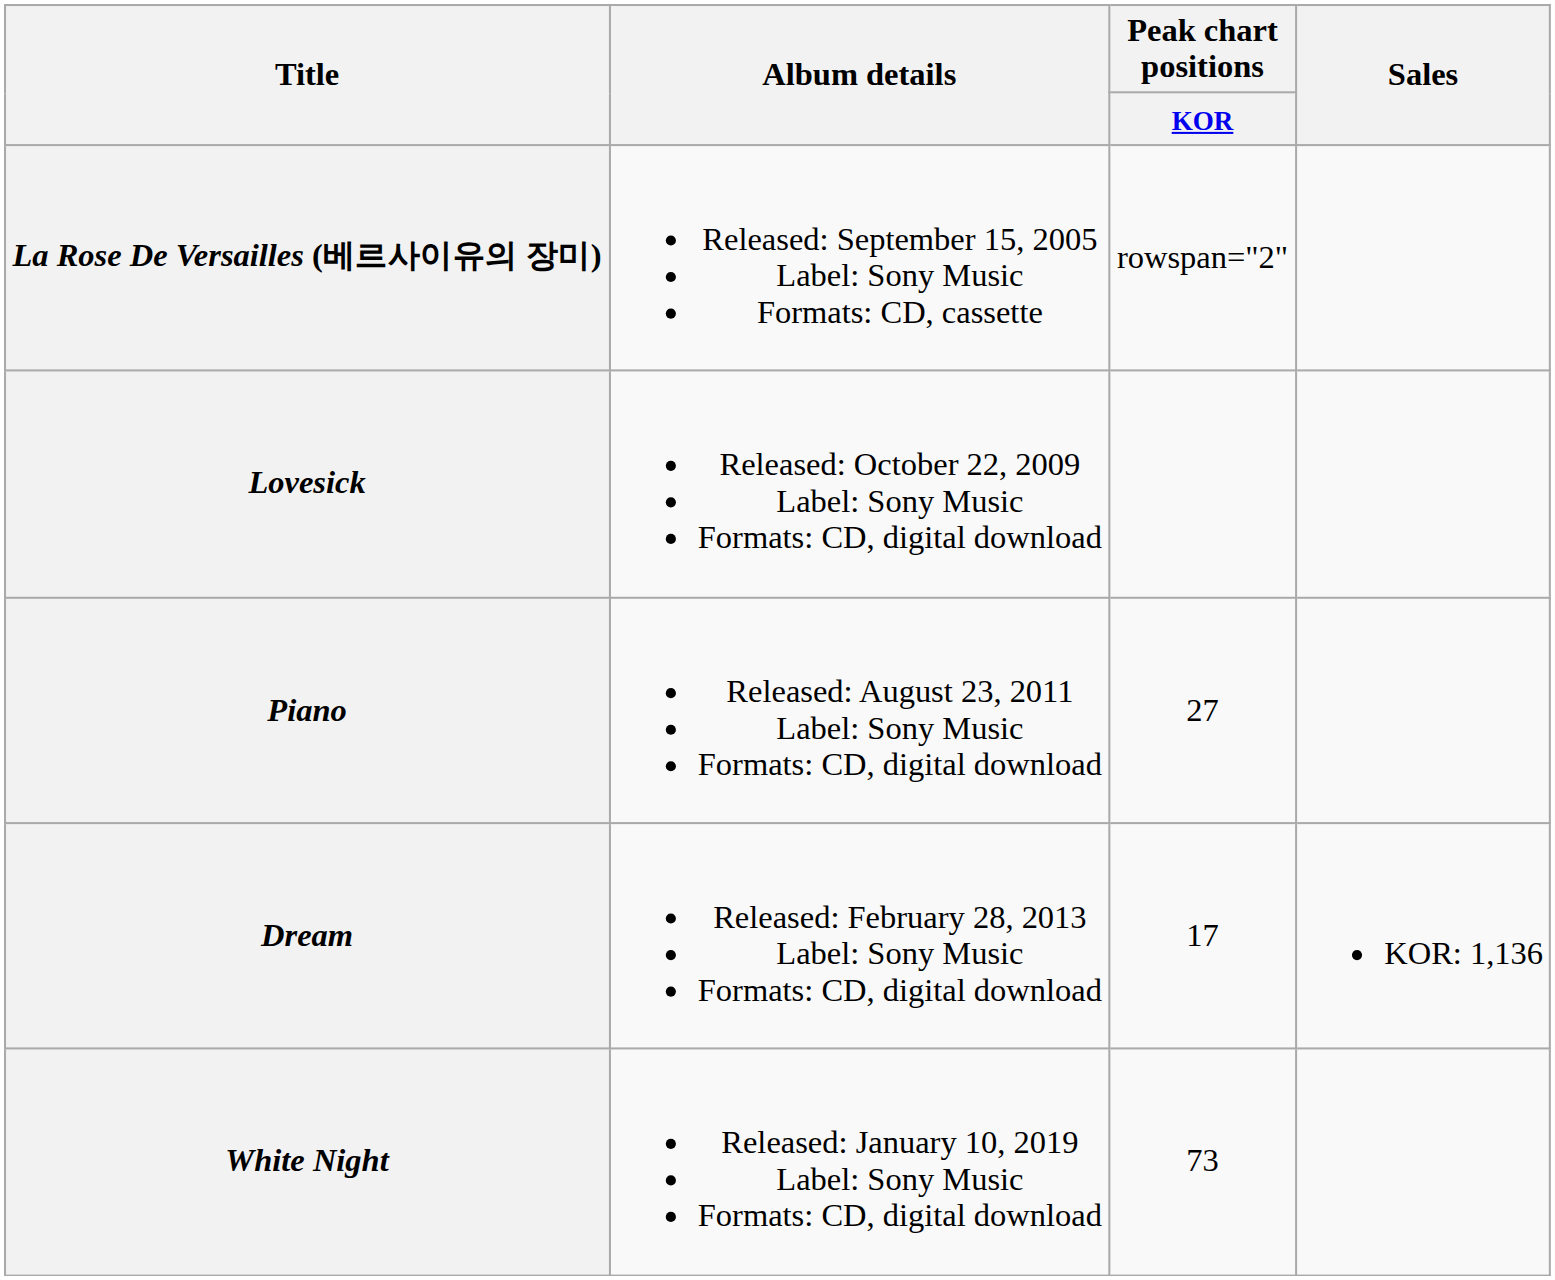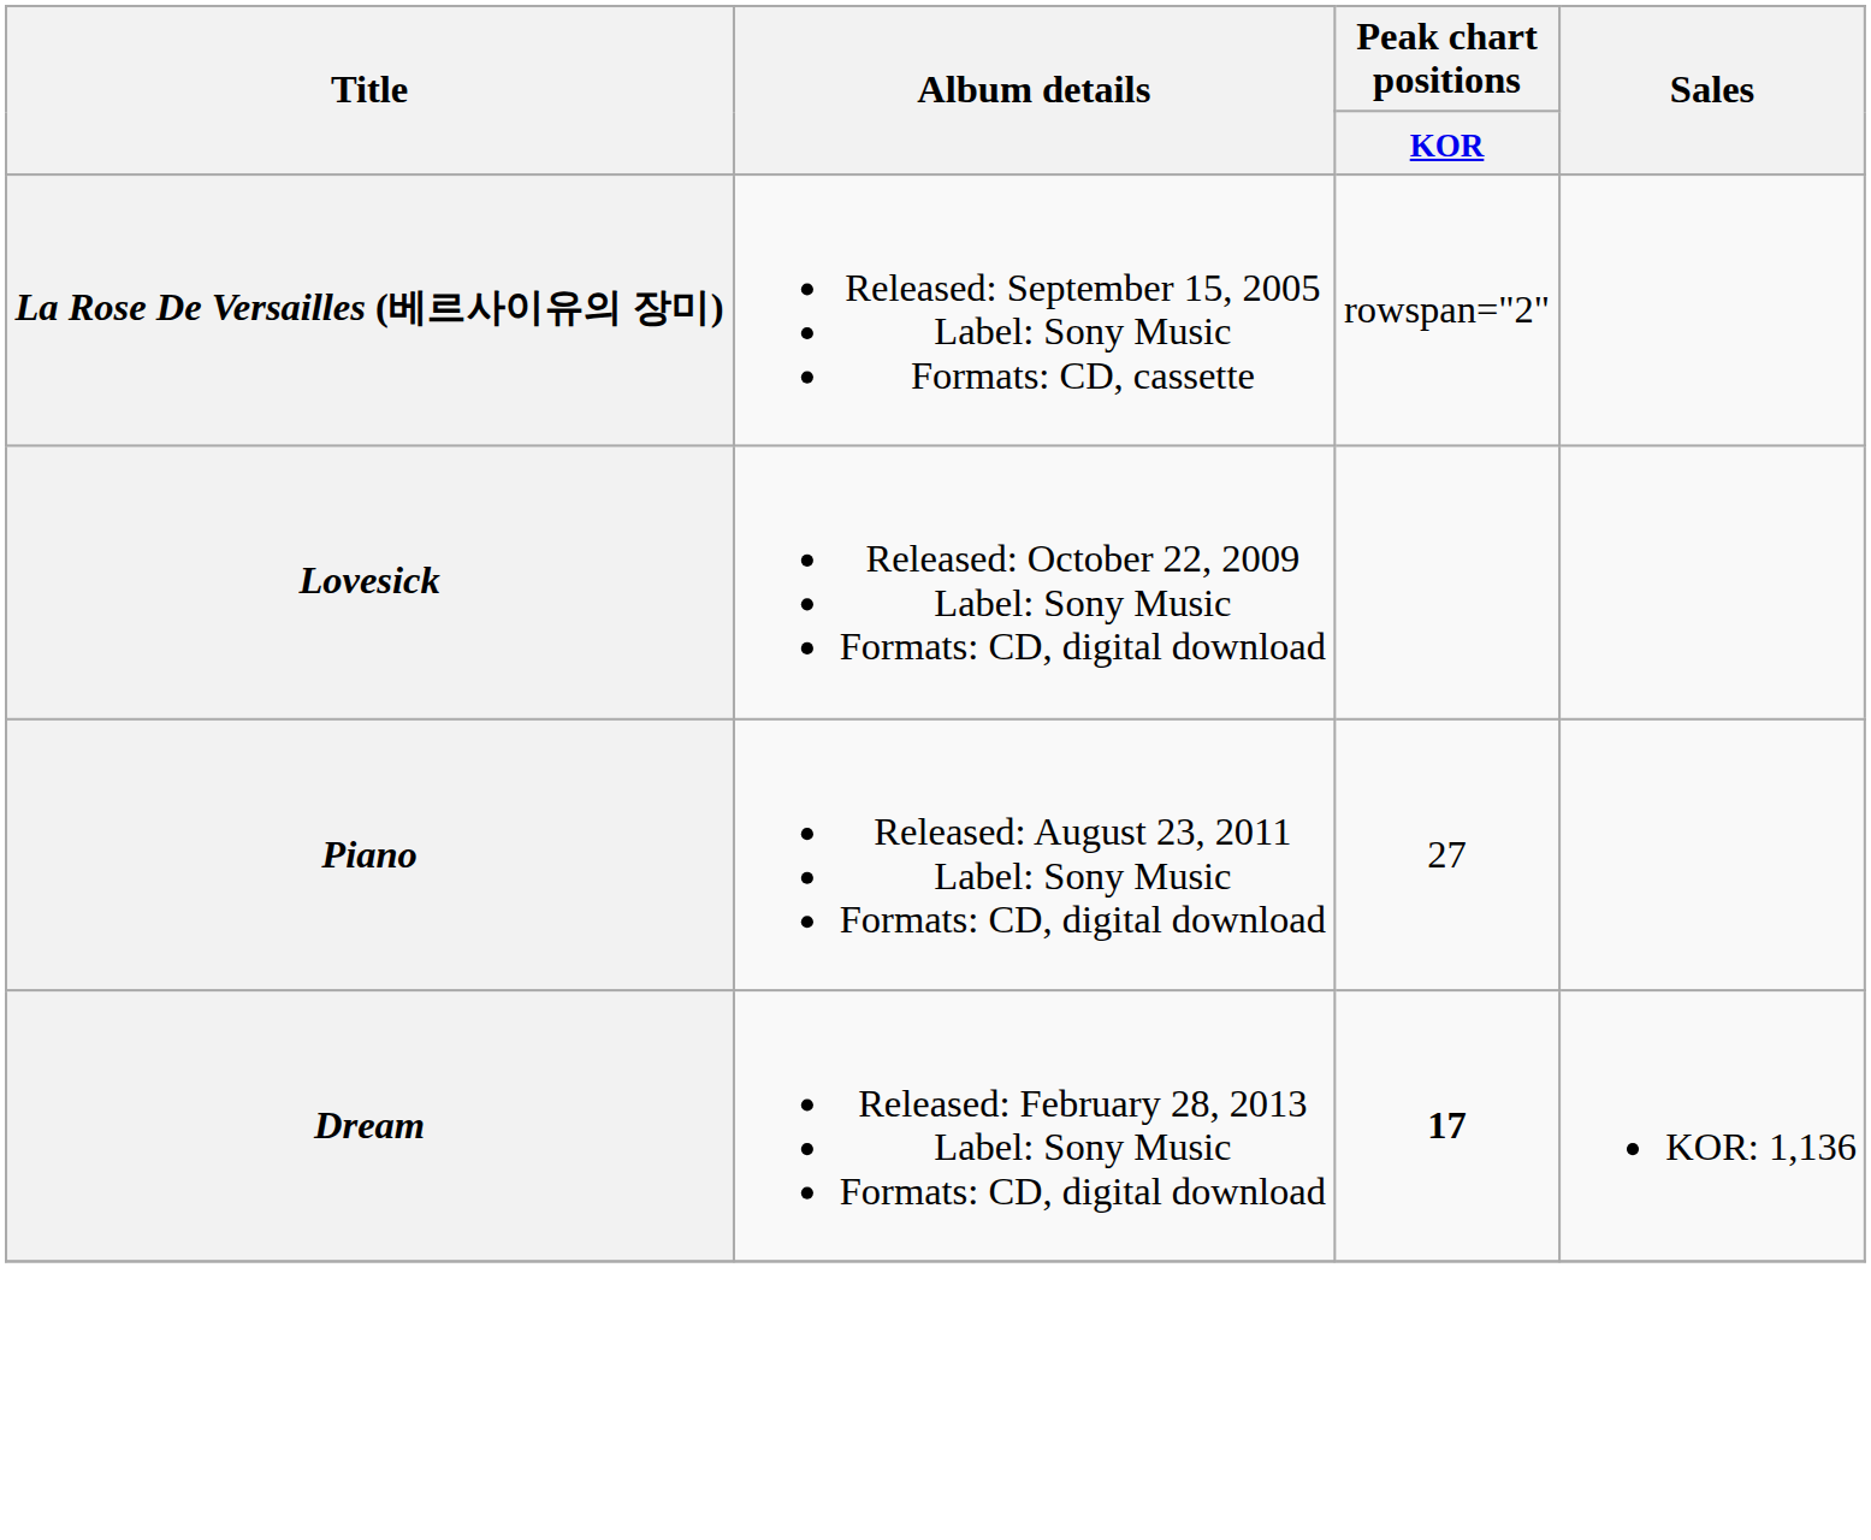 <table class="wikitable plainrowheaders" style="text-align:center;">
 <tr>
 <th scope="col" rowspan="2">Title</th>
 <th scope="col" rowspan="2">Album details</th>
 <th scope="col" colspan="1" style="width:5em;">Peak chart positions</th>
 <th scope="col" rowspan="2">Sales</th>
 </tr>
 <tr>
 <th><small><a href='#'>KOR</a></small><br></th>
 </tr>
 <tr>
 <th scope="row"><em>La Rose De Versailles</em> (베르사이유의 장미)</th>
 <td><br><ul><li>Released: September 15, 2005</li><li>Label: Sony Music</li><li>Formats: CD, cassette</li></ul></td>
 <td>rowspan="2" </td>
 <td></td>
 </tr>
 <tr>
 <th scope="row"><em>Lovesick</em></th>
 <td><br><ul><li>Released: October 22, 2009</li><li>Label: Sony Music</li><li>Formats: CD, digital download</li></ul></td>
 <td></td>
 </tr>
 <tr>
 <th scope="row"><em>Piano</em></th>
 <td><br><ul><li>Released: August 23, 2011</li><li>Label: Sony Music</li><li>Formats: CD, digital download</li></ul></td>
 <td>27</td>
 <td></td>
 </tr>
 <tr>
 <th scope="row"><em>Dream</em></th>
 <td><br><ul><li>Released: February 28, 2013</li><li>Label: Sony Music</li><li>Formats: CD, digital download</li></ul></td>
-<td>17</td>
+<td><strong>17</strong></td>
 <td><br><ul><li>KOR: 1,136</li></ul></td>
-</tr>
-<tr>
-<th scope="row"><em>White Night</em></th>
-<td><br><ul><li>Released: January 10, 2019</li><li>Label: Sony Music</li><li>Formats: CD, digital download</li></ul></td>
-<td>73</td>
-<td></td>
 </tr>
 <tr>
 </tr>
 </table>
